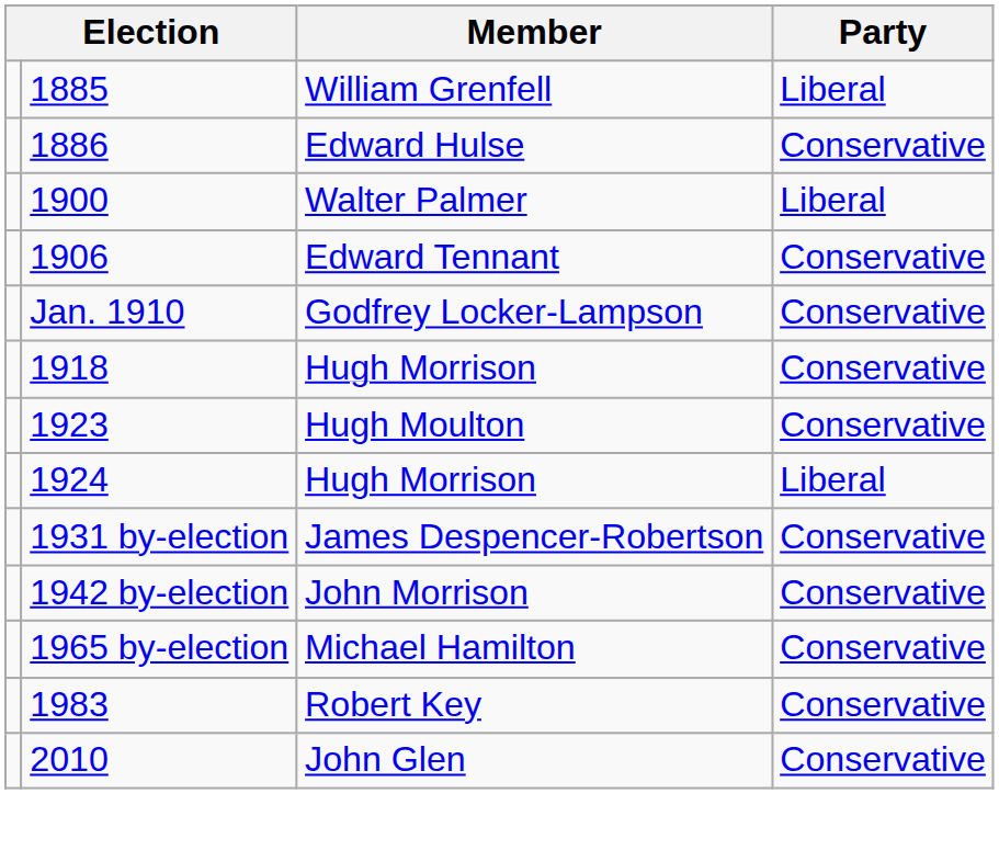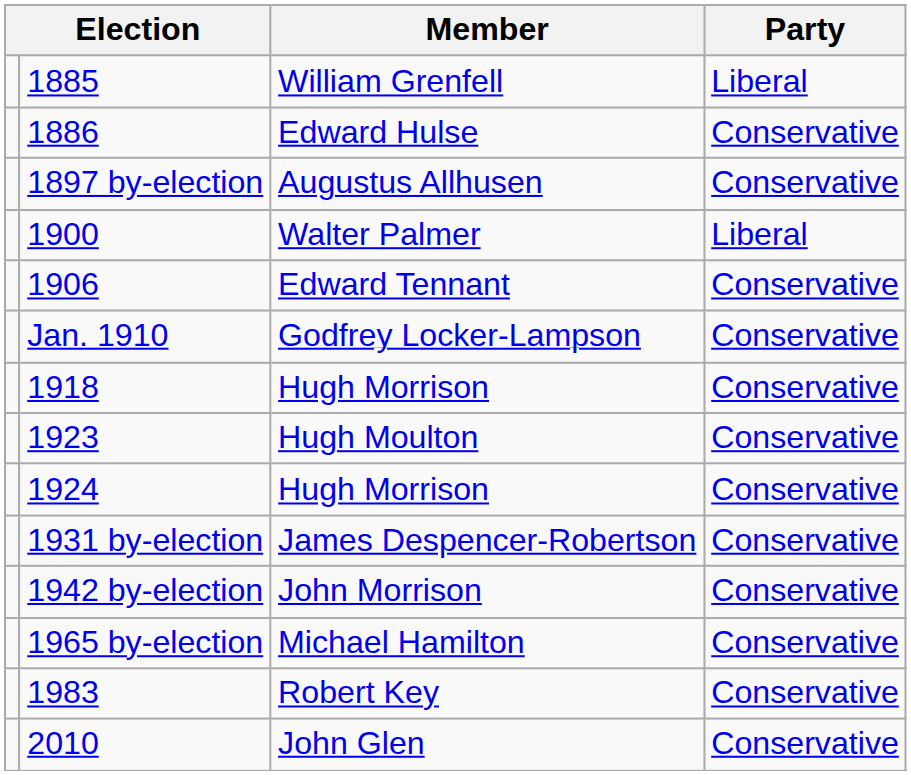 <table class="wikitable">
 <tr>
 <th colspan="2">Election</th>
 <th>Member</th>
 <th>Party</th>
 </tr>
 <tr>
 <td style="color:inherit;background-color: "></td>
 <td><a href='#'>1885</a></td>
 <td><a href='#'>William Grenfell</a></td>
 <td><a href='#'>Liberal</a></td>
 </tr>
 <tr>
 <td style="color:inherit;background-color: "></td>
 <td><a href='#'>1886</a></td>
 <td><a href='#'>Edward Hulse</a></td>
+<td><a href='#'>Conservative</a></td>
+</tr>
+<tr>
+<td style="color:inherit;background-color: "></td>
+<td><a href='#'>1897 by-election</a></td>
+<td><a href='#'>Augustus Allhusen</a></td>
 <td><a href='#'>Conservative</a></td>
 </tr>
 <tr>
 <td style="color:inherit;background-color: "></td>
 <td><a href='#'>1900</a></td>
 <td><a href='#'>Walter Palmer</a></td>
 <td><a href='#'>Liberal</a></td>
 </tr>
 <tr>
 <td style="color:inherit;background-color: "></td>
 <td><a href='#'>1906</a></td>
 <td><a href='#'>Edward Tennant</a></td>
 <td><a href='#'>Conservative</a></td>
 </tr>
 <tr>
 <td style="color:inherit;background-color: "></td>
 <td><a href='#'>Jan. 1910</a></td>
 <td><a href='#'>Godfrey Locker-Lampson</a></td>
 <td><a href='#'>Conservative</a></td>
 </tr>
 <tr>
 <td style="color:inherit;background-color: "></td>
 <td><a href='#'>1918</a></td>
 <td><a href='#'>Hugh Morrison</a></td>
 <td><a href='#'>Conservative</a></td>
 </tr>
 <tr>
 <td style="color:inherit;background-color: "></td>
 <td><a href='#'>1923</a></td>
 <td><a href='#'>Hugh Moulton</a></td>
 <td><a href='#'>Conservative</a></td>
 </tr>
 <tr>
 <td style="color:inherit;background-color: "></td>
 <td><a href='#'>1924</a></td>
 <td><a href='#'>Hugh Morrison</a></td>
-<td><a href='#'>Liberal</a></td>
+<td><a href='#'>Conservative</a></td>
 </tr>
 <tr>
 <td style="color:inherit;background-color: "></td>
 <td><a href='#'>1931 by-election</a></td>
 <td><a href='#'>James Despencer-Robertson</a></td>
 <td><a href='#'>Conservative</a></td>
 </tr>
 <tr>
 <td style="color:inherit;background-color: "></td>
 <td><a href='#'>1942 by-election</a></td>
 <td><a href='#'>John Morrison</a></td>
 <td><a href='#'>Conservative</a></td>
 </tr>
 <tr>
 <td style="color:inherit;background-color: "></td>
 <td><a href='#'>1965 by-election</a></td>
 <td><a href='#'>Michael Hamilton</a></td>
 <td><a href='#'>Conservative</a></td>
 </tr>
 <tr>
 <td style="color:inherit;background-color: "></td>
 <td><a href='#'>1983</a></td>
 <td><a href='#'>Robert Key</a></td>
 <td><a href='#'>Conservative</a></td>
 </tr>
 <tr>
 <td style="color:inherit;background-color: "></td>
 <td><a href='#'>2010</a></td>
 <td><a href='#'>John Glen</a></td>
 <td><a href='#'>Conservative</a></td>
 </tr>
 </table>
